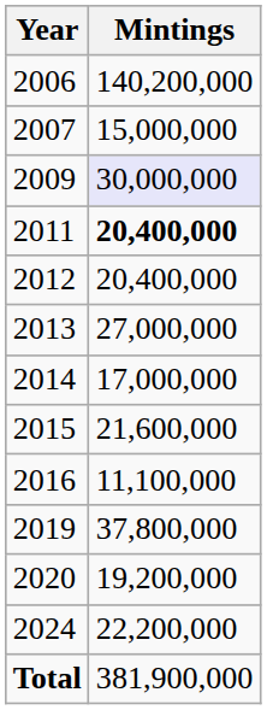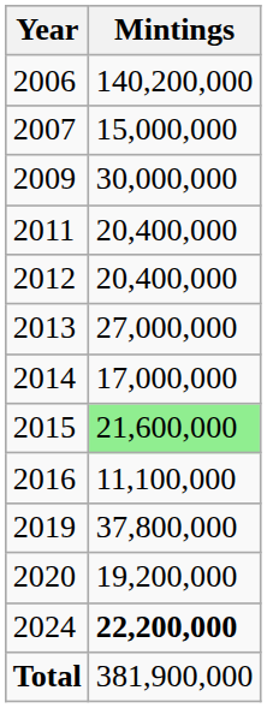 <table class="wikitable">
 <tr>
 <th>Year</th>
 <th>Mintings</th>
 </tr>
 <tr>
 <td>2006</td>
 <td>140,200,000</td>
 </tr>
 <tr>
 <td>2007</td>
 <td>15,000,000</td>
 </tr>
 <tr>
 <td>2009</td>
-<td style="background: lavender;">30,000,000</td>
+<td>30,000,000</td>
 </tr>
 <tr>
 <td>2011</td>
-<td><strong>20,400,000</strong></td>
+<td>20,400,000</td>
 </tr>
 <tr>
 <td>2012</td>
 <td>20,400,000</td>
 </tr>
 <tr>
 <td>2013</td>
 <td>27,000,000</td>
 </tr>
 <tr>
 <td>2014</td>
 <td>17,000,000</td>
 </tr>
 <tr>
 <td>2015</td>
-<td>21,600,000</td>
+<td style="background: lightgreen;">21,600,000</td>
 </tr>
 <tr>
 <td>2016</td>
 <td>11,100,000</td>
 </tr>
 <tr>
 <td>2019</td>
 <td>37,800,000</td>
 </tr>
 <tr>
 <td>2020</td>
 <td>19,200,000</td>
 </tr>
 <tr>
 <td>2024</td>
-<td>22,200,000</td>
+<td><strong>22,200,000</strong></td>
 </tr>
 <tr>
 <td><strong>Total</strong></td>
 <td>381,900,000</td>
 </tr>
 </table>
